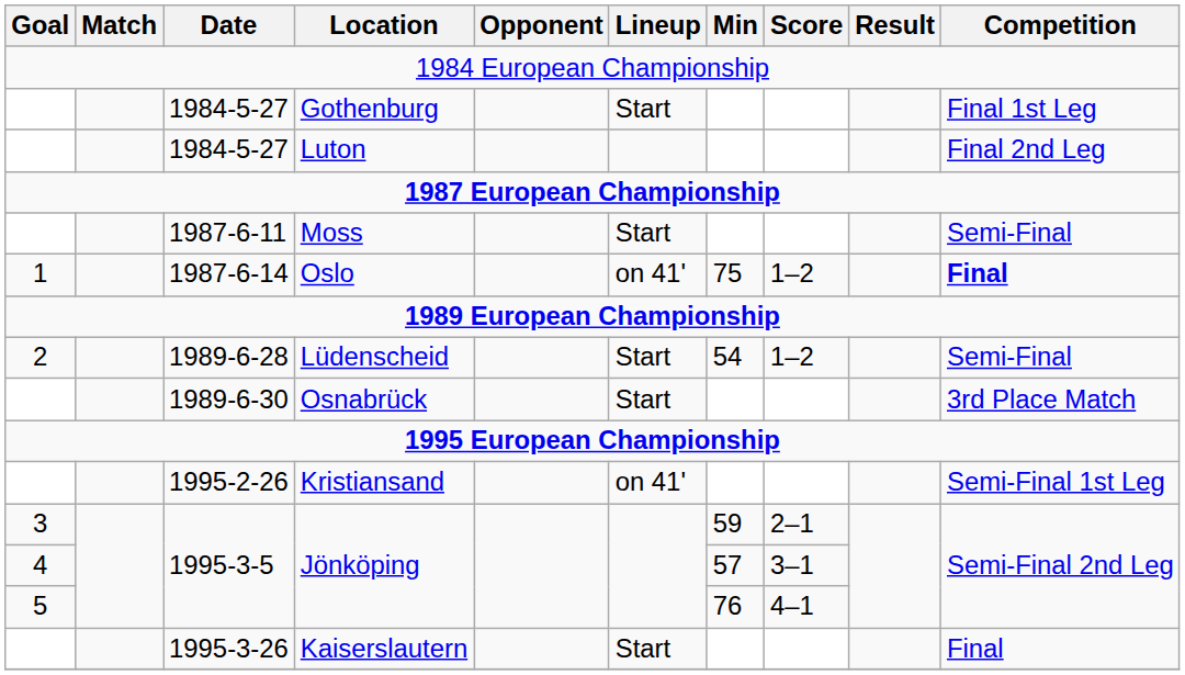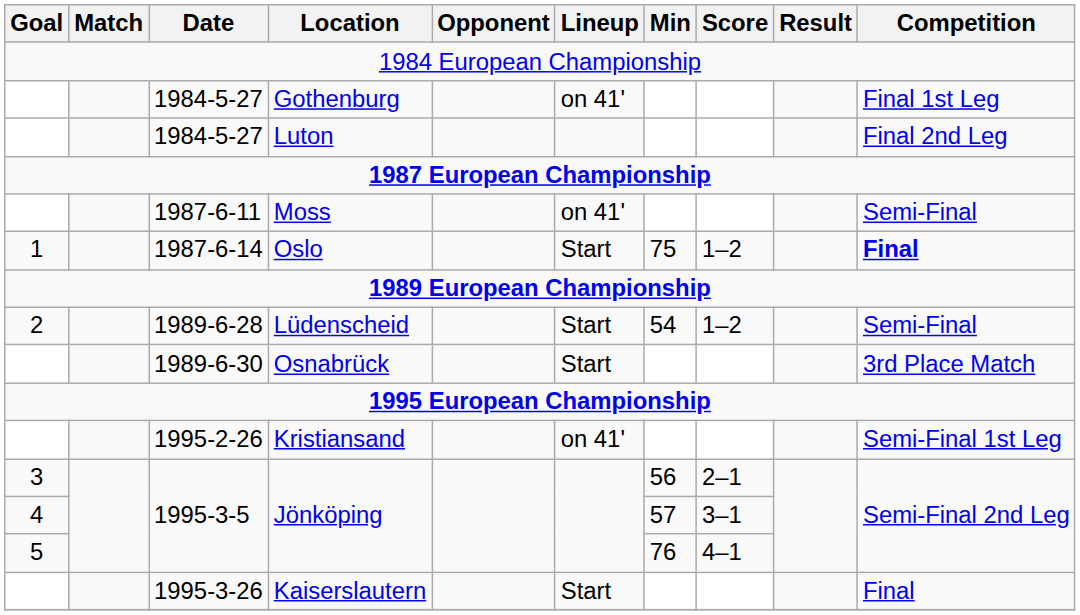 <table class="wikitable collapsible" style="fontsize:90%;">
 <tr>
 <th>Goal</th>
 <th>Match</th>
 <th>Date</th>
 <th>Location</th>
 <th>Opponent</th>
 <th>Lineup</th>
 <th>Min</th>
 <th>Score</th>
 <th>Result</th>
 <th>Competition</th>
 </tr>
 <tr>
 <td colspan=10 align=center><a href='#'>1984 European Championship</a></td>
 </tr>
 <tr>
 <td style="background:white;"></td>
 <td></td>
 <td>1984-5-27</td>
 <td><a href='#'>Gothenburg</a></td>
 <td></td>
-<td>Start</td>
+<td>on 41'</td>
 <td style="background:white;"></td>
 <td style="background:white;"></td>
 <td></td>
 <td><a href='#'>Final 1st Leg</a></td>
 </tr>
 <tr>
 <td style="background:white;"></td>
 <td></td>
 <td>1984-5-27</td>
 <td><a href='#'>Luton</a></td>
 <td></td>
 <td></td>
 <td style="background:white;"></td>
 <td style="background:white;"></td>
 <td></td>
 <td><a href='#'>Final 2nd Leg</a></td>
 </tr>
 <tr>
 <td colspan=10 align=center> <strong><a href='#'>1987 European Championship</a></strong></td>
 </tr>
 <tr>
 <td style="background:white;"></td>
 <td></td>
 <td>1987-6-11</td>
 <td><a href='#'>Moss</a></td>
 <td></td>
-<td>Start</td>
+<td>on 41'</td>
 <td style="background:white;"></td>
 <td style="background:white;"></td>
 <td></td>
 <td><a href='#'>Semi-Final</a></td>
 </tr>
 <tr>
 <td align=center>1</td>
 <td></td>
 <td>1987-6-14</td>
 <td><a href='#'>Oslo</a></td>
 <td></td>
-<td>on 41'</td>
+<td>Start</td>
 <td>75</td>
 <td>1–2</td>
 <td></td>
 <td><strong><a href='#'>Final</a></strong></td>
 </tr>
 <tr>
 <td colspan=10 align=center> <strong><a href='#'>1989 European Championship</a></strong></td>
 </tr>
 <tr>
 <td align=center>2</td>
 <td></td>
 <td>1989-6-28</td>
 <td><a href='#'>Lüdenscheid</a></td>
 <td></td>
 <td>Start</td>
 <td>54</td>
 <td>1–2</td>
 <td></td>
 <td><a href='#'>Semi-Final</a></td>
 </tr>
 <tr>
 <td style="background:white;"></td>
 <td></td>
 <td>1989-6-30</td>
 <td><a href='#'>Osnabrück</a></td>
 <td></td>
 <td>Start</td>
 <td style="background:white;"></td>
 <td style="background:white;"></td>
 <td></td>
 <td><a href='#'>3rd Place Match</a></td>
 </tr>
 <tr>
 <td colspan=10 align=center><strong><a href='#'>1995 European Championship</a></strong></td>
 </tr>
 <tr>
 <td style="background:white;"></td>
 <td></td>
 <td>1995-2-26</td>
 <td><a href='#'>Kristiansand</a></td>
 <td></td>
 <td>on 41'</td>
 <td style="background:white;"></td>
 <td style="background:white;"></td>
 <td></td>
 <td><a href='#'>Semi-Final 1st Leg</a></td>
 </tr>
 <tr>
 <td align=center>3</td>
 <td align=center rowspan=3></td>
 <td rowspan=3>1995-3-5</td>
 <td rowspan=3><a href='#'>Jönköping</a></td>
 <td rowspan=3></td>
 <td rowspan=3></td>
-<td>59</td>
+<td>56</td>
 <td>2–1</td>
 <td rowspan=3></td>
 <td rowspan=3><a href='#'>Semi-Final 2nd Leg</a></td>
 </tr>
 <tr>
 <td align=center>4</td>
 <td>57</td>
 <td>3–1</td>
 </tr>
 <tr>
 <td align=center>5</td>
 <td>76</td>
 <td>4–1</td>
 </tr>
 <tr>
 <td style="background:white;"></td>
 <td></td>
 <td>1995-3-26</td>
 <td><a href='#'>Kaiserslautern</a></td>
 <td></td>
 <td>Start</td>
 <td style="background:white;"></td>
 <td style="background:white;"></td>
 <td></td>
 <td><a href='#'>Final</a></td>
 </tr>
 <tr>
 </tr>
 </table>
